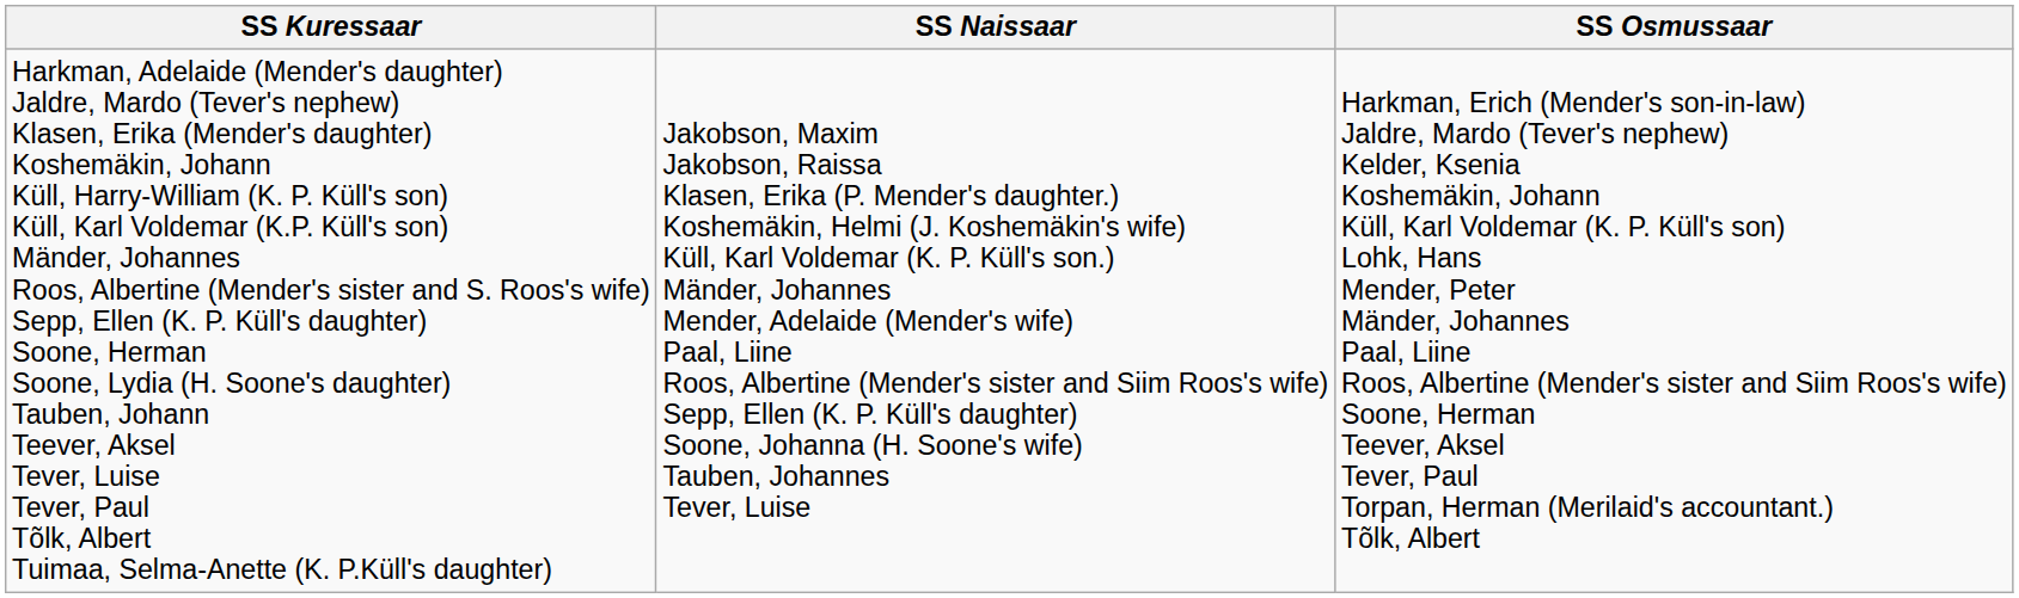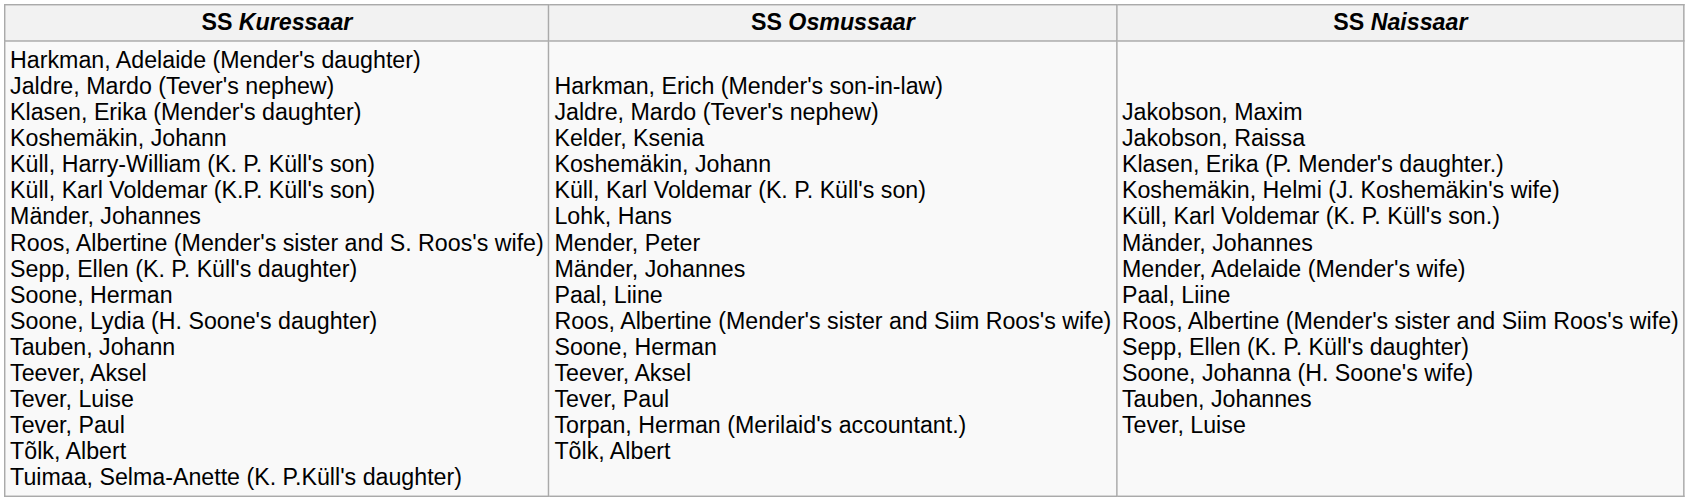 <table class="wikitable">
 <tr>
 <th>SS <em>Kuressaar</em></th>
+<th>SS <em>Osmussaar</em></th>
 <th>SS <em>Naissaar</em></th>
-<th>SS <em>Osmussaar</em></th>
 </tr>
 <tr>
 <td>Harkman, Adelaide (Mender's daughter)<br>Jaldre, Mardo (Tever's nephew)<br>Klasen, Erika (Mender's daughter)<br>Koshemäkin, Johann<br>Küll, Harry-William (K. P. Küll's son)<br>Küll, Karl Voldemar (K.P. Küll's son)<br>Mänder, Johannes<br>Roos, Albertine (Mender's sister and S. Roos's wife)<br>Sepp, Ellen (K. P. Küll's daughter)<br>Soone, Herman<br>Soone, Lydia (H. Soone's daughter)<br>Tauben, Johann<br>Teever, Aksel<br>Tever, Luise<br>Tever, Paul<br>Tõlk, Albert<br>Tuimaa, Selma-Anette (K. P.Küll's daughter)</td>
+<td>Harkman, Erich (Mender's son-in-law)<br>Jaldre, Mardo (Tever's nephew)<br>Kelder, Ksenia<br>Koshemäkin, Johann<br>Küll, Karl Voldemar (K. P. Küll's son)<br>Lohk, Hans<br>Mender, Peter<br>Mänder, Johannes<br>Paal, Liine<br>Roos, Albertine (Mender's sister and Siim Roos's wife)<br>Soone, Herman<br>Teever, Aksel<br>Tever, Paul<br>Torpan, Herman (Merilaid's accountant.)<br>Tõlk, Albert</td>
 <td>Jakobson, Maxim<br>Jakobson, Raissa<br>Klasen, Erika (P. Mender's daughter.)<br>Koshemäkin, Helmi (J. Koshemäkin's wife)<br>Küll, Karl Voldemar (K. P. Küll's son.)<br>Mänder, Johannes<br>Mender, Adelaide (Mender's wife)<br>Paal, Liine<br>Roos, Albertine (Mender's sister and Siim Roos's wife)<br>Sepp, Ellen (K. P. Küll's daughter)<br>Soone, Johanna (H. Soone's wife)<br>Tauben, Johannes<br>Tever, Luise</td>
-<td>Harkman, Erich (Mender's son-in-law)<br>Jaldre, Mardo (Tever's nephew)<br>Kelder, Ksenia<br>Koshemäkin, Johann<br>Küll, Karl Voldemar (K. P. Küll's son)<br>Lohk, Hans<br>Mender, Peter<br>Mänder, Johannes<br>Paal, Liine<br>Roos, Albertine (Mender's sister and Siim Roos's wife)<br>Soone, Herman<br>Teever, Aksel<br>Tever, Paul<br>Torpan, Herman (Merilaid's accountant.)<br>Tõlk, Albert</td>
 </tr>
 </table>
